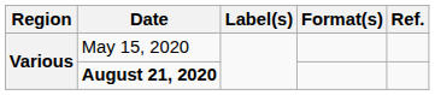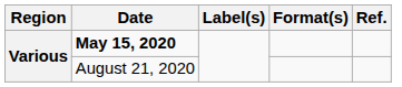 <table class="wikitable plainrowheaders">
 <tr>
 <th scope="col">Region</th>
 <th scope="col">Date</th>
 <th scope="col">Label(s)</th>
 <th scope="col">Format(s)</th>
 <th scope="col">Ref.</th>
 </tr>
 <tr>
 <th scope="row" rowspan="2">Various</th>
-<td>May 15, 2020</td>
+<td><strong>May 15, 2020</strong></td>
 <td rowspan="2"></td>
 <td></td>
 <td></td>
 </tr>
 <tr>
-<td><strong>August 21, 2020</strong></td>
+<td>August 21, 2020</td>
 <td></td>
 <td></td>
 </tr>
 </table>
